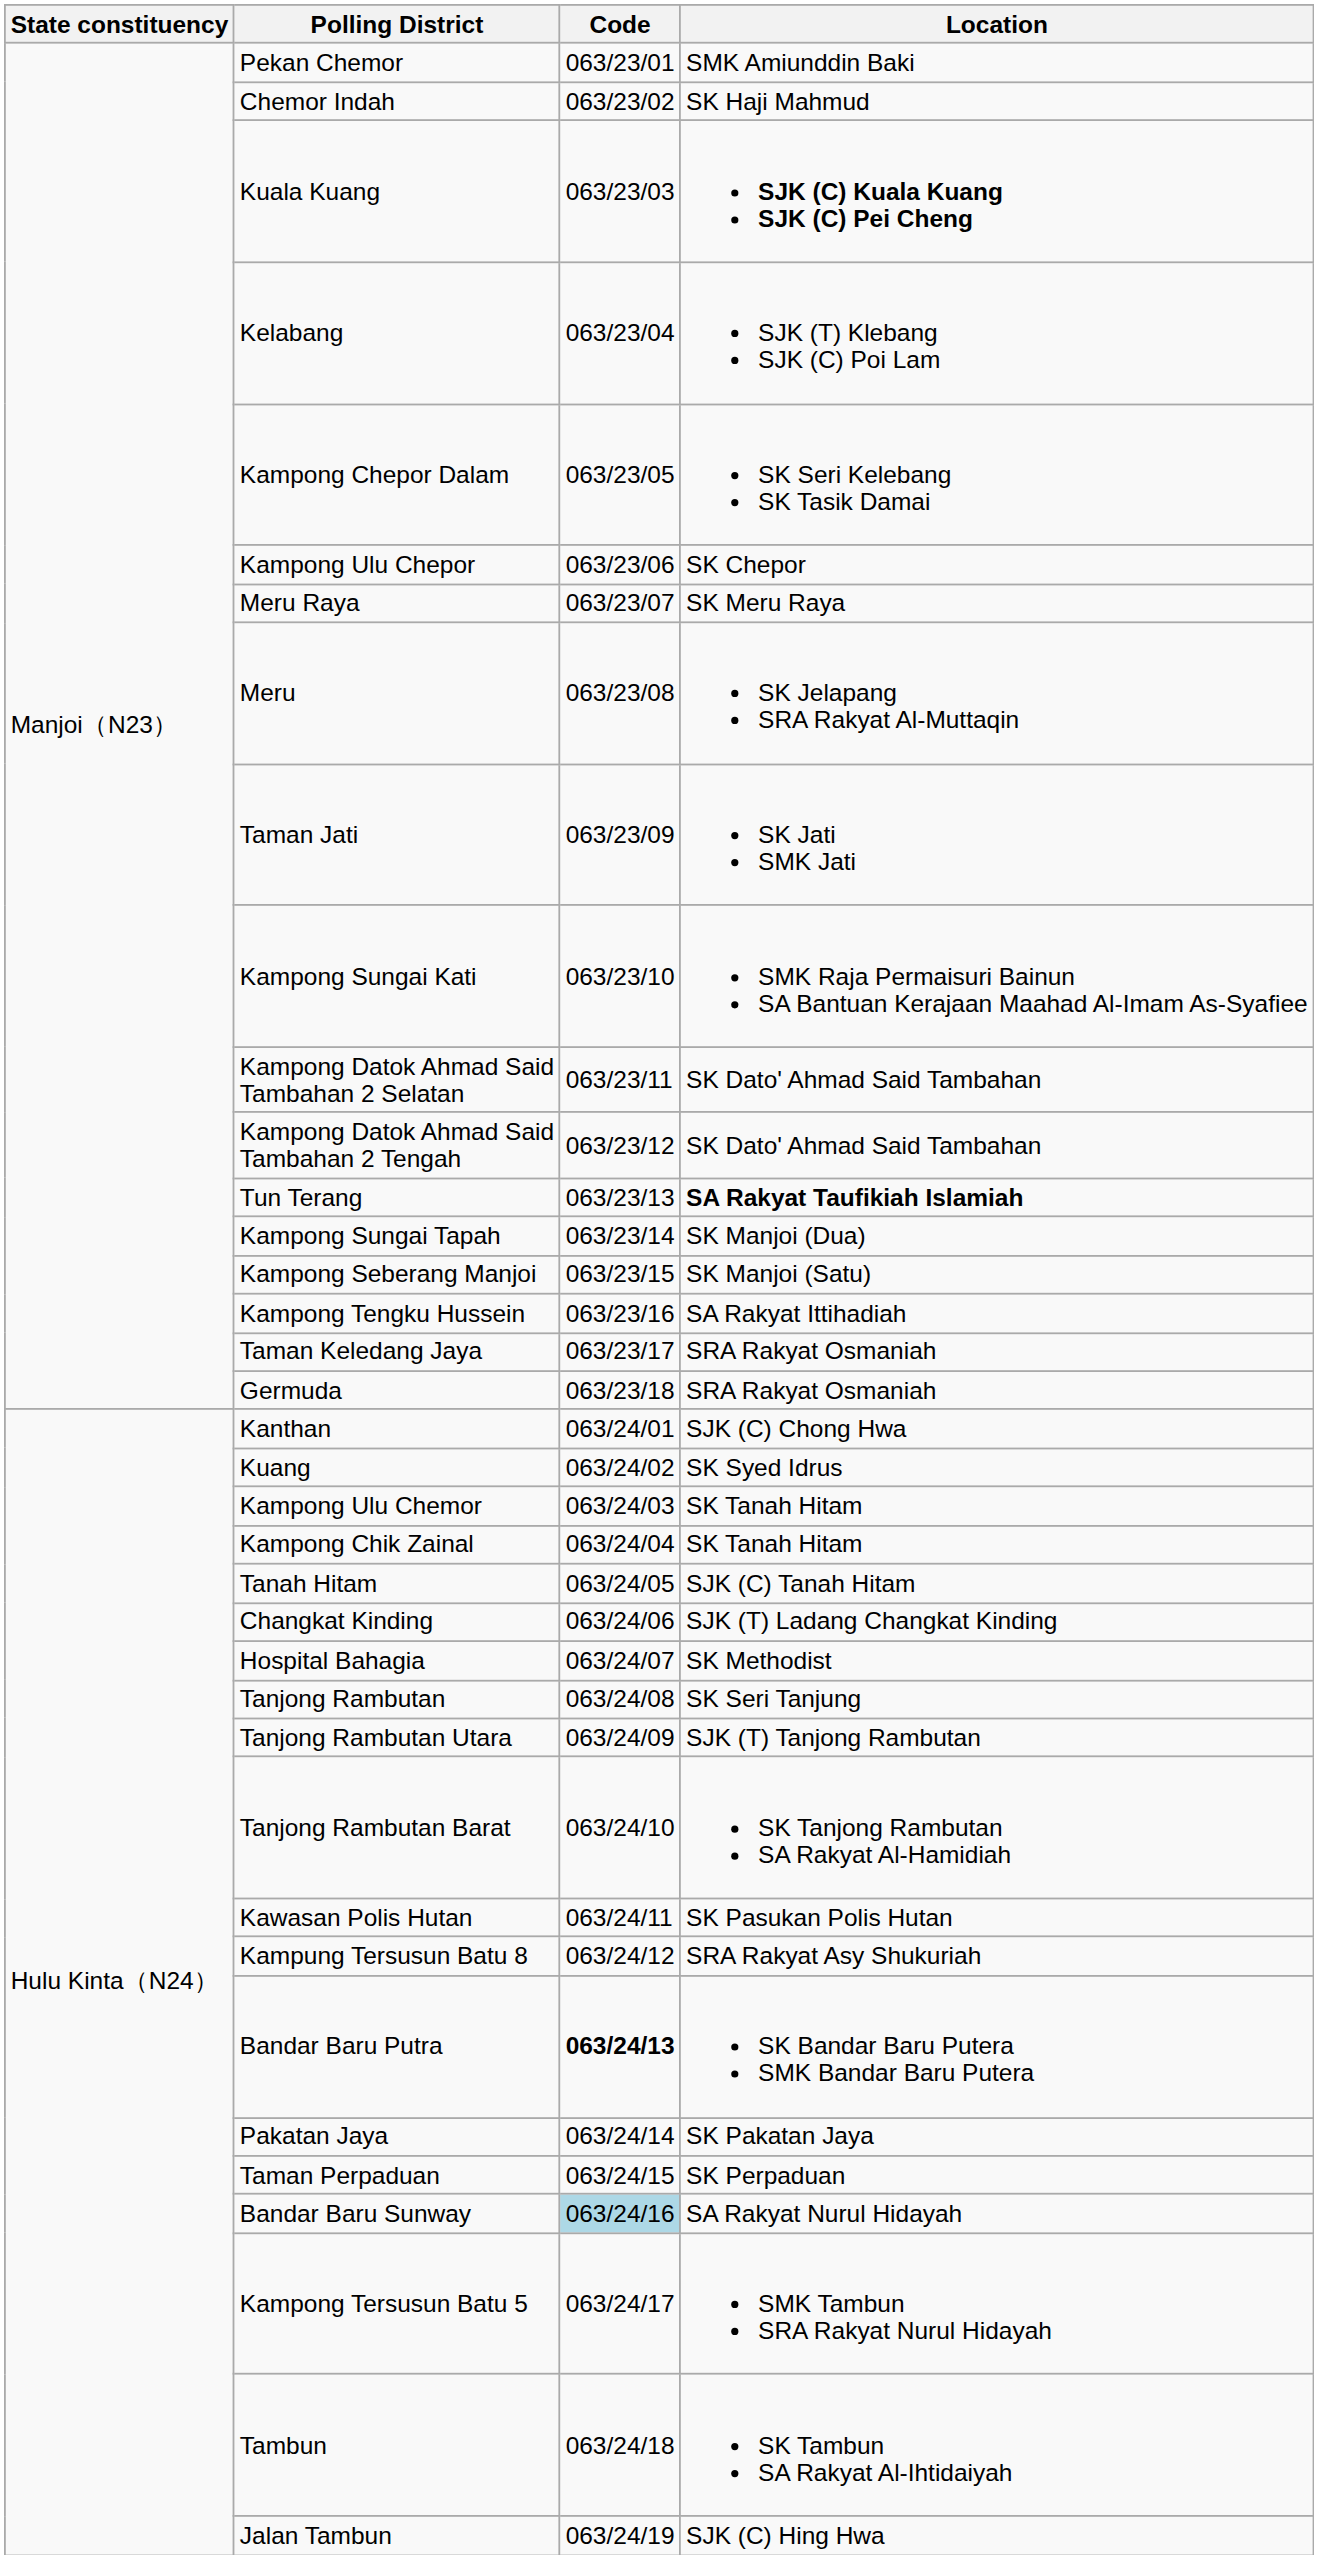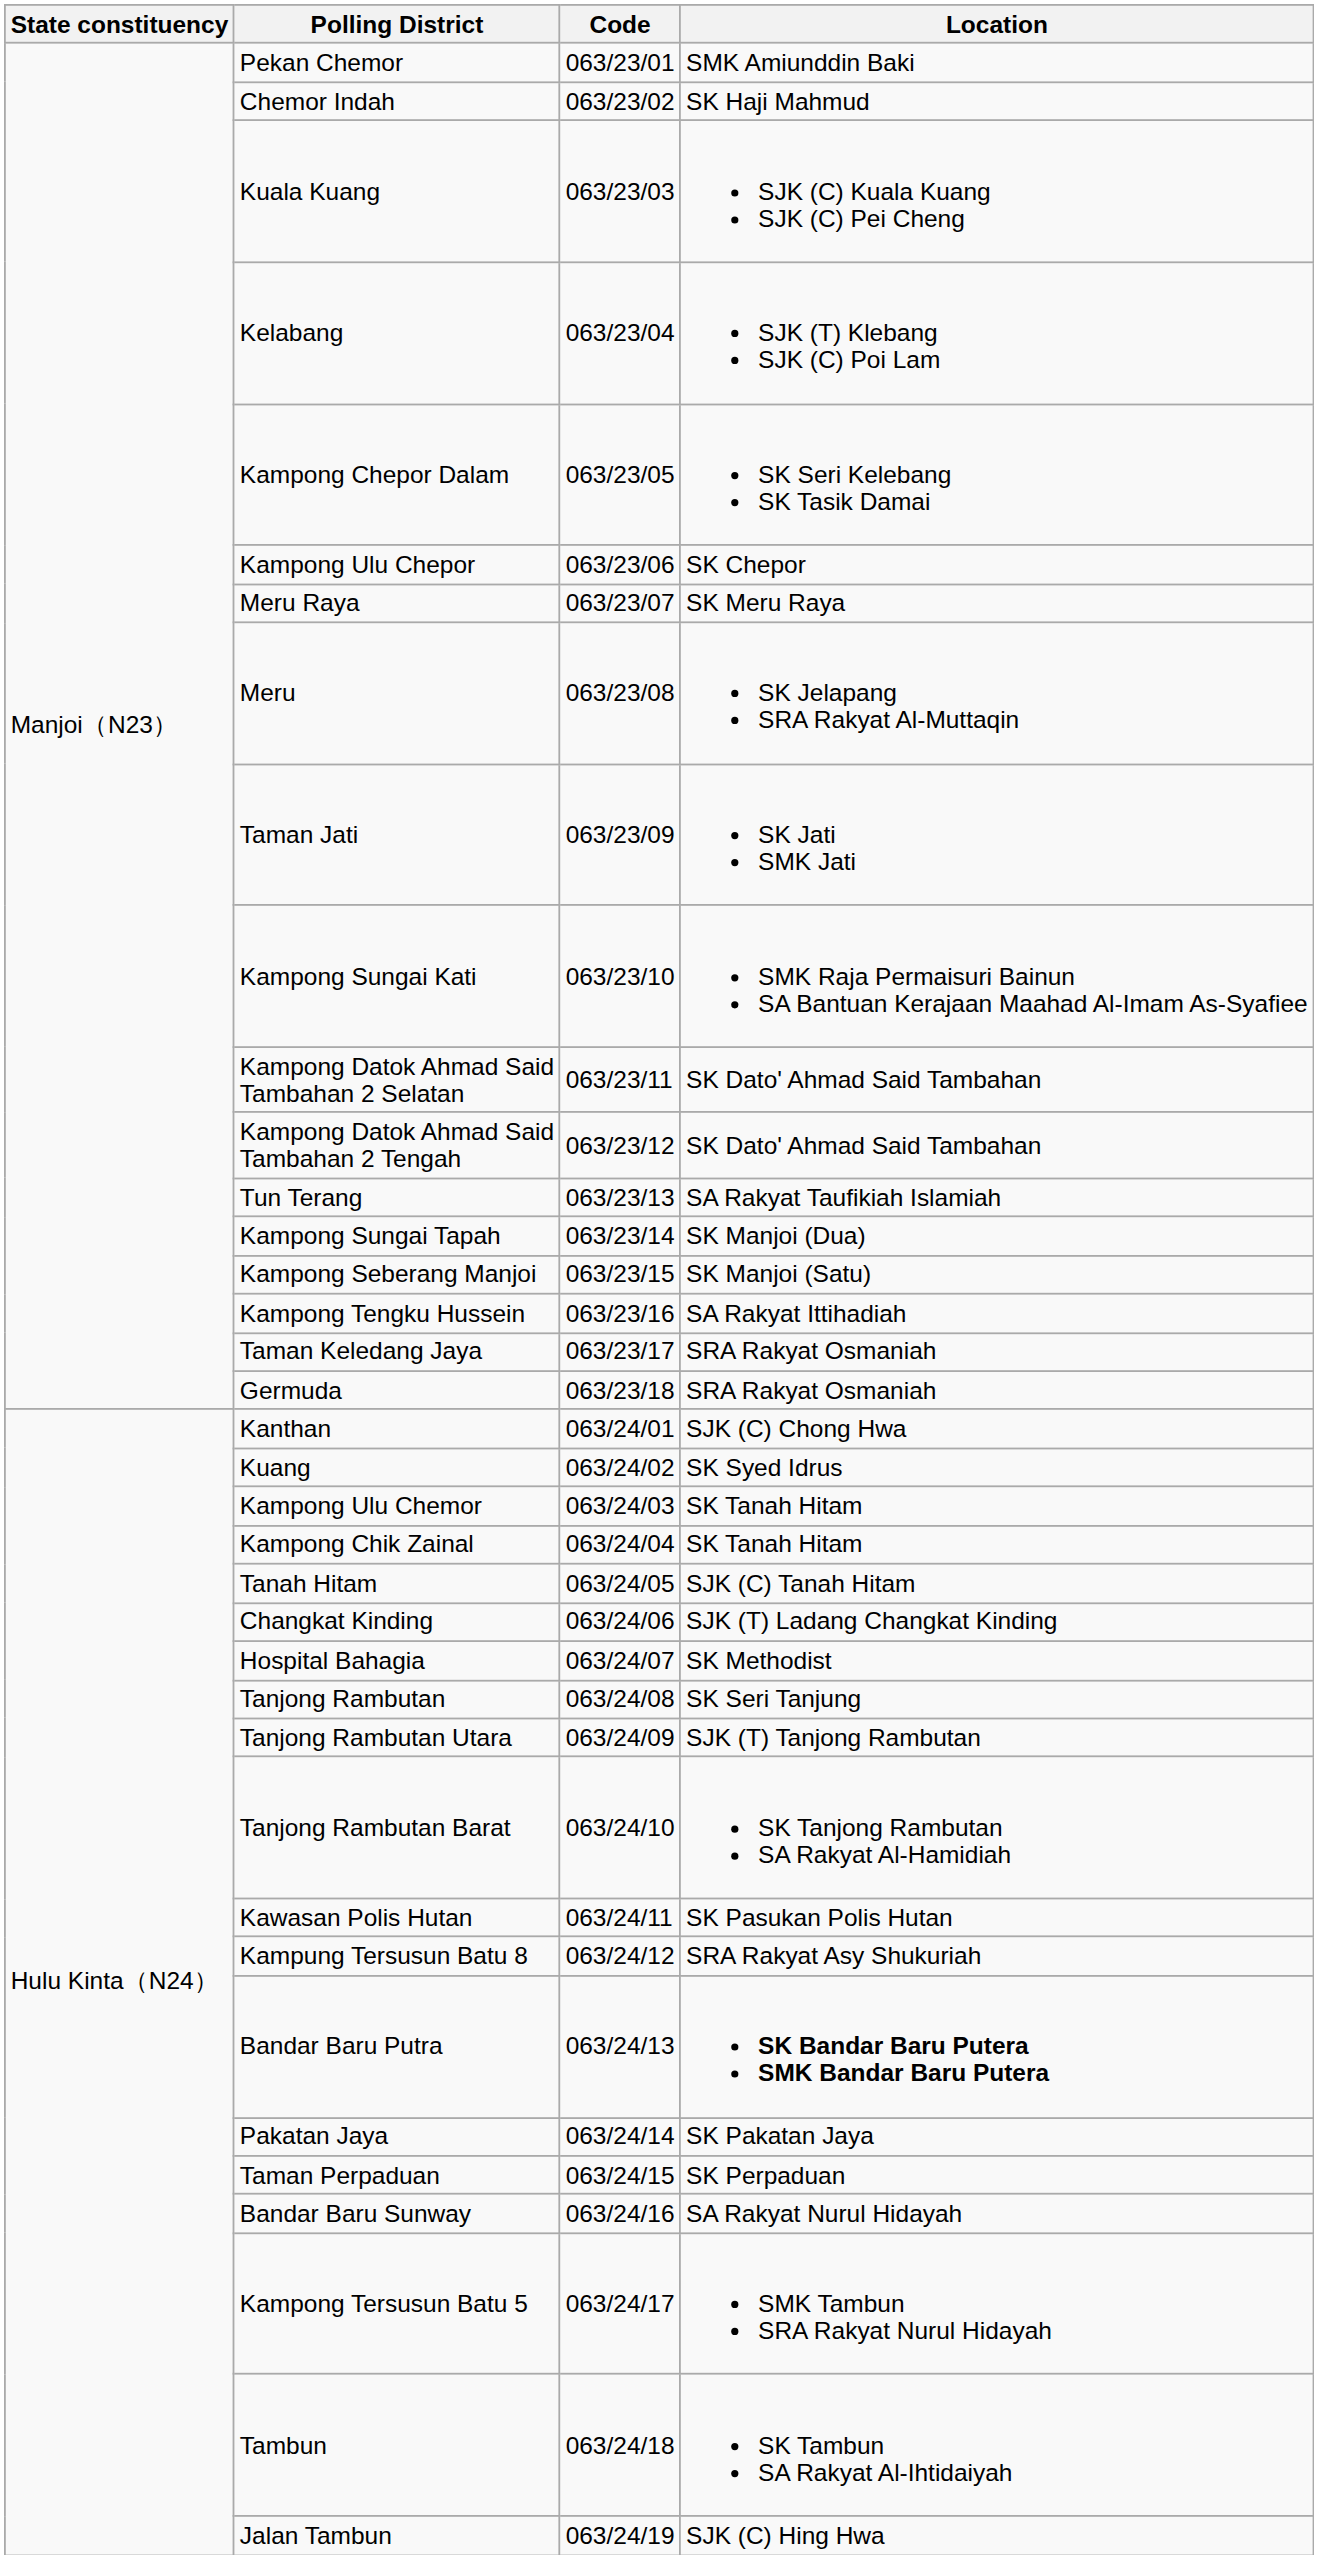 <table class="wikitable sortable mw-collapsible" style="white-space:nowrap;font-size:85%">
 <tr>
 <th>State constituency</th>
 <th>Polling District</th>
 <th>Code</th>
 <th>Location</th>
 </tr>
 <tr>
 <td rowspan="18">Manjoi（N23）</td>
 <td>Pekan Chemor</td>
 <td>063/23/01</td>
 <td>SMK Amiunddin Baki</td>
 </tr>
 <tr>
 <td>Chemor Indah</td>
 <td>063/23/02</td>
 <td>SK Haji Mahmud</td>
 </tr>
 <tr>
 <td>Kuala Kuang</td>
 <td>063/23/03</td>
-<td><strong><br><ul><li>SJK (C) Kuala Kuang</li><li>SJK (C) Pei Cheng</li></ul></strong></td>
+<td><br><ul><li>SJK (C) Kuala Kuang</li><li>SJK (C) Pei Cheng</li></ul></td>
 </tr>
 <tr>
 <td>Kelabang</td>
 <td>063/23/04</td>
 <td><br><ul><li>SJK (T) Klebang</li><li>SJK (C) Poi Lam</li></ul></td>
 </tr>
 <tr>
 <td>Kampong Chepor Dalam</td>
 <td>063/23/05</td>
 <td><br><ul><li>SK Seri Kelebang</li><li>SK Tasik Damai</li></ul></td>
 </tr>
 <tr>
 <td>Kampong Ulu Chepor</td>
 <td>063/23/06</td>
 <td>SK Chepor</td>
 </tr>
 <tr>
 <td>Meru Raya</td>
 <td>063/23/07</td>
 <td>SK Meru Raya</td>
 </tr>
 <tr>
 <td>Meru</td>
 <td>063/23/08</td>
 <td><br><ul><li>SK Jelapang</li><li>SRA Rakyat Al-Muttaqin</li></ul></td>
 </tr>
 <tr>
 <td>Taman Jati</td>
 <td>063/23/09</td>
 <td><br><ul><li>SK Jati</li><li>SMK Jati</li></ul></td>
 </tr>
 <tr>
 <td>Kampong Sungai Kati</td>
 <td>063/23/10</td>
 <td><br><ul><li>SMK Raja Permaisuri Bainun</li><li>SA Bantuan Kerajaan Maahad Al-Imam As-Syafiee</li></ul></td>
 </tr>
 <tr>
 <td>Kampong Datok Ahmad Said<br>Tambahan 2 Selatan</td>
 <td>063/23/11</td>
 <td>SK Dato' Ahmad Said Tambahan</td>
 </tr>
 <tr>
 <td>Kampong Datok Ahmad Said<br>Tambahan 2 Tengah</td>
 <td>063/23/12</td>
 <td>SK Dato' Ahmad Said Tambahan</td>
 </tr>
 <tr>
 <td>Tun Terang</td>
 <td>063/23/13</td>
-<td><strong>SA Rakyat Taufikiah Islamiah</strong></td>
+<td>SA Rakyat Taufikiah Islamiah</td>
 </tr>
 <tr>
 <td>Kampong Sungai Tapah</td>
 <td>063/23/14</td>
 <td>SK Manjoi (Dua)</td>
 </tr>
 <tr>
 <td>Kampong Seberang Manjoi</td>
 <td>063/23/15</td>
 <td>SK Manjoi (Satu)</td>
 </tr>
 <tr>
 <td>Kampong Tengku Hussein</td>
 <td>063/23/16</td>
 <td>SA Rakyat  Ittihadiah</td>
 </tr>
 <tr>
 <td>Taman Keledang Jaya</td>
 <td>063/23/17</td>
 <td>SRA Rakyat Osmaniah</td>
 </tr>
 <tr>
 <td>Germuda</td>
 <td>063/23/18</td>
 <td>SRA Rakyat Osmaniah</td>
 </tr>
 <tr>
 <td rowspan="19">Hulu Kinta（N24）</td>
 <td>Kanthan</td>
 <td>063/24/01</td>
 <td>SJK (C) Chong Hwa</td>
 </tr>
 <tr>
 <td>Kuang</td>
 <td>063/24/02</td>
 <td>SK Syed Idrus</td>
 </tr>
 <tr>
 <td>Kampong Ulu Chemor</td>
 <td>063/24/03</td>
 <td>SK Tanah Hitam</td>
 </tr>
 <tr>
 <td>Kampong Chik Zainal</td>
 <td>063/24/04</td>
 <td>SK Tanah Hitam</td>
 </tr>
 <tr>
 <td>Tanah Hitam</td>
 <td>063/24/05</td>
 <td>SJK (C) Tanah Hitam</td>
 </tr>
 <tr>
 <td>Changkat Kinding</td>
 <td>063/24/06</td>
 <td>SJK (T) Ladang Changkat Kinding</td>
 </tr>
 <tr>
 <td>Hospital Bahagia</td>
 <td>063/24/07</td>
 <td>SK Methodist</td>
 </tr>
 <tr>
 <td>Tanjong Rambutan</td>
 <td>063/24/08</td>
 <td>SK Seri Tanjung</td>
 </tr>
 <tr>
 <td>Tanjong Rambutan Utara</td>
 <td>063/24/09</td>
 <td>SJK (T) Tanjong Rambutan</td>
 </tr>
 <tr>
 <td>Tanjong Rambutan Barat</td>
 <td>063/24/10</td>
 <td><br><ul><li>SK Tanjong Rambutan</li><li>SA Rakyat Al-Hamidiah</li></ul></td>
 </tr>
 <tr>
 <td>Kawasan Polis Hutan</td>
 <td>063/24/11</td>
 <td>SK Pasukan Polis Hutan</td>
 </tr>
 <tr>
 <td>Kampung Tersusun Batu 8</td>
 <td>063/24/12</td>
 <td>SRA Rakyat Asy Shukuriah</td>
 </tr>
 <tr>
 <td>Bandar Baru Putra</td>
-<td><strong>063/24/13</strong></td>
-<td><br><ul><li>SK Bandar Baru Putera</li><li>SMK Bandar Baru Putera</li></ul></td>
+<td>063/24/13</td>
+<td><strong><br><ul><li>SK Bandar Baru Putera</li><li>SMK Bandar Baru Putera</li></ul></strong></td>
 </tr>
 <tr>
 <td>Pakatan Jaya</td>
 <td>063/24/14</td>
 <td>SK Pakatan Jaya</td>
 </tr>
 <tr>
 <td>Taman Perpaduan</td>
 <td>063/24/15</td>
 <td>SK Perpaduan</td>
 </tr>
 <tr>
 <td>Bandar Baru Sunway</td>
-<td style="background: lightblue;">063/24/16</td>
+<td>063/24/16</td>
 <td>SA Rakyat Nurul Hidayah</td>
 </tr>
 <tr>
 <td>Kampong Tersusun Batu 5</td>
 <td>063/24/17</td>
 <td><br><ul><li>SMK Tambun</li><li>SRA Rakyat Nurul Hidayah</li></ul></td>
 </tr>
 <tr>
 <td>Tambun</td>
 <td>063/24/18</td>
 <td><br><ul><li>SK Tambun</li><li>SA Rakyat Al-Ihtidaiyah</li></ul></td>
 </tr>
 <tr>
 <td>Jalan Tambun</td>
 <td>063/24/19</td>
 <td>SJK (C) Hing Hwa</td>
 </tr>
 </table>
